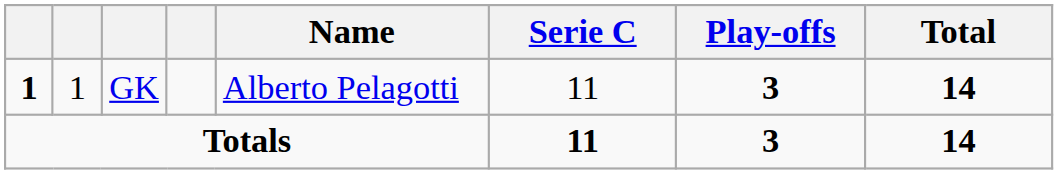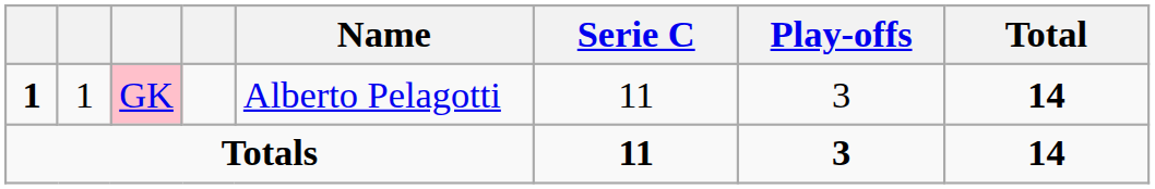 <table class="wikitable" style="text-align:center">
 <tr>
 <th width=15></th>
 <th width=15></th>
 <th width=15></th>
 <th width=15></th>
 <th width=120>Name</th>
 <th width=80><strong><a href='#'>Serie C</a></strong></th>
 <th width=80><strong><a href='#'>Play-offs</a></strong></th>
 <th width=80>Total</th>
 </tr>
 <tr>
 <td><strong>1</strong></td>
 <td>1</td>
-<td><a href='#'>GK</a></td>
+<td style="background: pink;"><a href='#'>GK</a></td>
 <td></td>
 <td align=left><a href='#'>Alberto Pelagotti</a></td>
 <td>11</td>
-<td><strong>3</strong></td>
+<td>3</td>
 <td><strong>14</strong></td>
 </tr>
 <tr>
 <td colspan=5><strong>Totals</strong></td>
 <td><strong>11</strong></td>
 <td><strong>3</strong></td>
 <td><strong>14</strong></td>
 </tr>
 </table>
